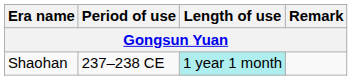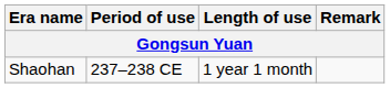 <table class="wikitable">
 <tr>
 <th>Era name</th>
 <th>Period of use</th>
 <th>Length of use</th>
 <th>Remark</th>
 </tr>
 <tr>
 <th colspan="4"><a href='#'>Gongsun Yuan</a><br></th>
 </tr>
 <tr>
 <td>Shaohan<br></td>
 <td>237–238 CE</td>
-<td style="background: paleturquoise;">1 year 1 month</td>
+<td>1 year 1 month</td>
 <td></td>
 </tr>
 </table>
